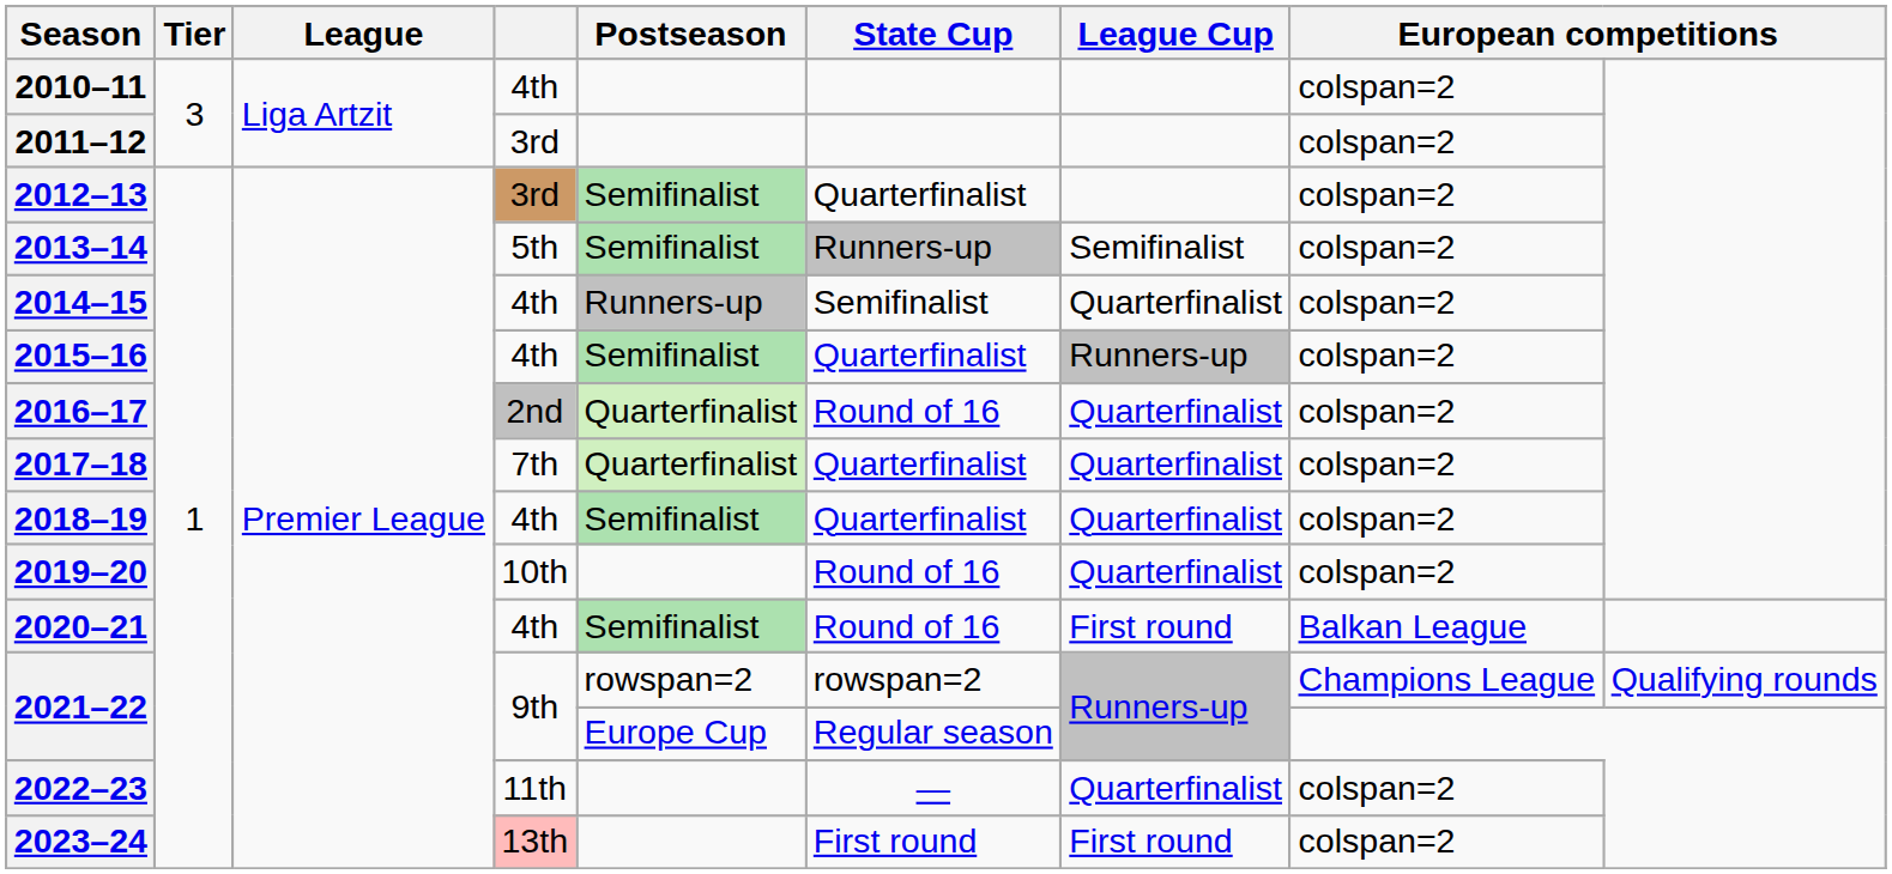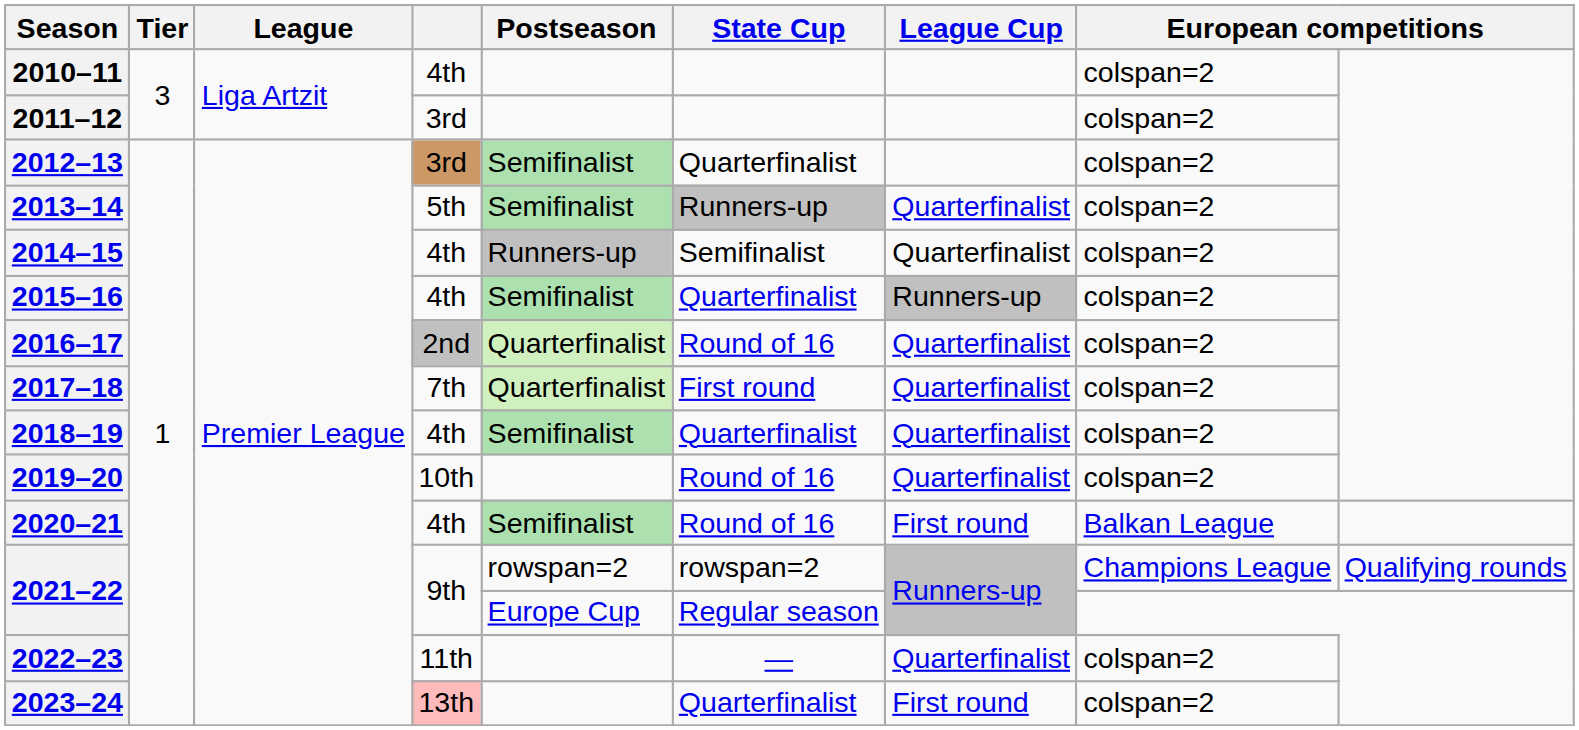 <table class="wikitable" style="font-size:85%">
 <tr>
 <th>Season</th>
 <th>Tier</th>
 <th>League</th>
 <th></th>
 <th>Postseason</th>
 <th><a href='#'>State Cup</a></th>
 <th><a href='#'>League Cup</a></th>
 <th colspan=2>European competitions</th>
 </tr>
 <tr>
 <th>2010–11</th>
 <td rowspan=2 align=center>3</td>
 <td rowspan=2><a href='#'>Liga Artzit</a></td>
 <td align=center>4th</td>
 <td></td>
 <td></td>
 <td></td>
 <td>colspan=2 </td>
 </tr>
 <tr>
 <th>2011–12</th>
 <td align=center>3rd</td>
 <td></td>
 <td></td>
 <td></td>
 <td>colspan=2 </td>
 </tr>
 <tr>
 <th><a href='#'>2012–13</a></th>
 <td rowspan=13 align=center>1</td>
 <td rowspan=13><a href='#'>Premier League</a></td>
 <td align=center bgcolor=cc9966>3rd</td>
 <td bgcolor=ACE1AF>Semifinalist</td>
 <td>Quarterfinalist</td>
 <td></td>
 <td>colspan=2 </td>
 </tr>
 <tr>
 <th><a href='#'>2013–14</a></th>
 <td align=center>5th</td>
 <td bgcolor=ACE1AF>Semifinalist</td>
 <td bgcolor=silver>Runners-up</td>
-<td>Semifinalist</td>
+<td><a href='#'>Quarterfinalist</a></td>
 <td>colspan=2 </td>
 </tr>
 <tr>
 <th><a href='#'>2014–15</a></th>
 <td align=center>4th</td>
 <td bgcolor=silver>Runners-up</td>
 <td>Semifinalist</td>
 <td>Quarterfinalist</td>
 <td>colspan=2 </td>
 </tr>
 <tr>
 <th><a href='#'>2015–16</a></th>
 <td align=center>4th</td>
 <td bgcolor=ACE1AF>Semifinalist</td>
 <td><a href='#'>Quarterfinalist</a></td>
 <td bgcolor=silver>Runners-up</td>
 <td>colspan=2 </td>
 </tr>
 <tr>
 <th><a href='#'>2016–17</a></th>
 <td align=center bgcolor=silver>2nd</td>
 <td bgcolor=#D0F0C0>Quarterfinalist</td>
 <td><a href='#'>Round of 16</a></td>
 <td><a href='#'>Quarterfinalist</a></td>
 <td>colspan=2 </td>
 </tr>
 <tr>
 <th><a href='#'>2017–18</a></th>
 <td align=center>7th</td>
 <td bgcolor=#D0F0C0>Quarterfinalist</td>
-<td><a href='#'>Quarterfinalist</a></td>
+<td><a href='#'>First round</a></td>
 <td><a href='#'>Quarterfinalist</a></td>
 <td>colspan=2 </td>
 </tr>
 <tr>
 <th><a href='#'>2018–19</a></th>
 <td align=center>4th</td>
 <td bgcolor=ACE1AF>Semifinalist</td>
 <td><a href='#'>Quarterfinalist</a></td>
 <td><a href='#'>Quarterfinalist</a></td>
 <td>colspan=2 </td>
 </tr>
 <tr>
 <th><a href='#'>2019–20</a></th>
 <td align=center>10th</td>
 <td></td>
 <td><a href='#'>Round of 16</a></td>
 <td><a href='#'>Quarterfinalist</a></td>
 <td>colspan=2 </td>
 </tr>
 <tr>
 <th><a href='#'>2020–21</a></th>
 <td align=center>4th</td>
 <td bgcolor=ACE1AF>Semifinalist</td>
 <td><a href='#'>Round of 16</a></td>
 <td><a href='#'>First round</a></td>
 <td><a href='#'>Balkan League</a></td>
 <td></td>
 </tr>
 <tr>
 <th rowspan=2><a href='#'>2021–22</a></th>
 <td align=center rowspan=2>9th</td>
 <td>rowspan=2 </td>
 <td>rowspan=2 </td>
 <td rowspan=2 bgcolor=silver><a href='#'>Runners-up</a></td>
 <td> <a href='#'>Champions League</a></td>
 <td><a href='#'>Qualifying rounds</a></td>
 </tr>
 <tr>
 <td> <a href='#'>Europe Cup</a></td>
 <td><a href='#'>Regular season</a></td>
 </tr>
 <tr>
 <th><a href='#'>2022–23</a></th>
 <td align=center>11th</td>
 <td></td>
 <td align=center><a href='#'>—</a></td>
 <td><a href='#'>Quarterfinalist</a></td>
 <td>colspan=2 </td>
 </tr>
 <tr>
 <th><a href='#'>2023–24</a></th>
 <td bgcolor=#FFBBBB align=center>13th</td>
 <td></td>
-<td><a href='#'>First round</a></td>
+<td><a href='#'>Quarterfinalist</a></td>
 <td><a href='#'>First round</a></td>
 <td>colspan=2 </td>
 </tr>
 </table>
